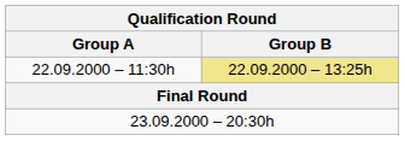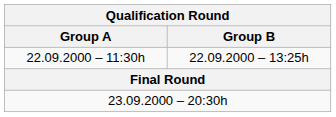 <table class="wikitable" style=" text-align:center; font-size:110%;" width="35%">
 <tr>
 <th colspan="2">Qualification Round</th>
 </tr>
 <tr>
 <th>Group A</th>
 <th>Group B</th>
 </tr>
 <tr>
 <td>22.09.2000 – 11:30h</td>
-<td style="background: khaki;">22.09.2000 – 13:25h</td>
+<td>22.09.2000 – 13:25h</td>
 </tr>
 <tr>
 <th colspan="2">Final Round</th>
 </tr>
 <tr>
 <td colspan="2">23.09.2000 – 20:30h</td>
 </tr>
 </table>
